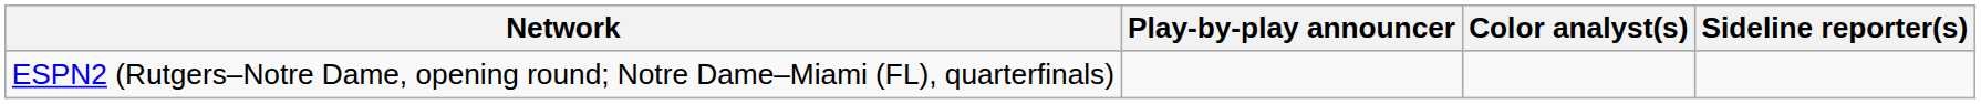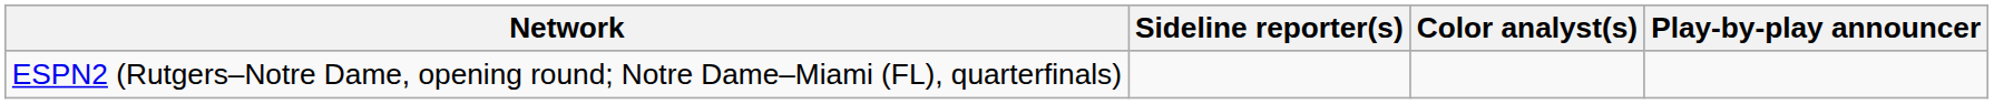 <table class="wikitable">
 <tr>
 <th>Network</th>
+<th>Sideline reporter(s)</th>
+<th>Color analyst(s)</th>
 <th>Play-by-play announcer</th>
-<th>Color analyst(s)</th>
-<th>Sideline reporter(s)</th>
 </tr>
 <tr>
 <td><a href='#'>ESPN2</a> (Rutgers–Notre Dame, opening round; Notre Dame–Miami (FL), quarterfinals)</td>
 <td></td>
 <td></td>
 <td></td>
 </tr>
 </table>
